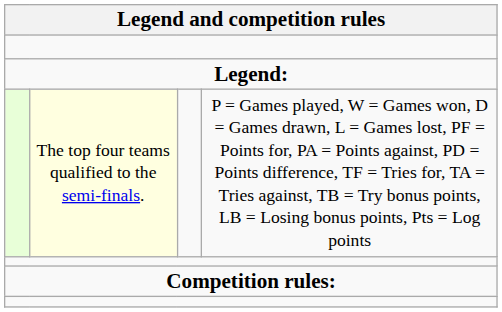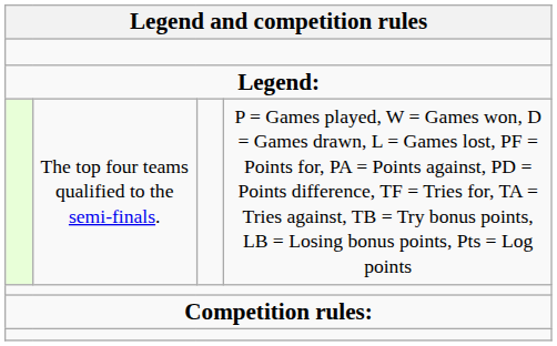 <table class="wikitable collapsible collapsed" style="text-align:center; line-height:100%; font-size:100%; width:60%;">
 <tr>
 <th colspan="100%" style="border:0px">Legend and competition rules</th>
 </tr>
 <tr>
 <td colspan="100%" style="height:10px"></td>
 </tr>
 <tr>
 <td colspan="100%" style="border:0px"><strong>Legend:</strong></td>
 </tr>
 <tr>
 <td style="height:10px; width:5%; background:#E8FFD8;"></td>
-<td style="background: lightyellow; width:30%;"><small>The top four teams qualified to the <a href='#'>semi-finals</a>.</small></td>
+<td style="width:30%;"><small>The top four teams qualified to the <a href='#'>semi-finals</a>.</small></td>
 <td style="width:5%;"></td>
 <td style="width:60%;"><small>P = Games played, W = Games won, D = Games drawn, L = Games lost, PF = Points for, PA = Points against, PD = Points difference, TF = Tries for, TA = Tries against, TB = Try bonus points, LB = Losing bonus points, Pts = Log points</small></td>
 </tr>
 <tr>
 <td colspan="100%"></td>
 </tr>
 <tr>
 <td colspan="100%" style="border:0px"><strong>Competition rules:</strong></td>
 </tr>
 <tr>
 <td colspan="100%"></td>
 </tr>
 </table>
